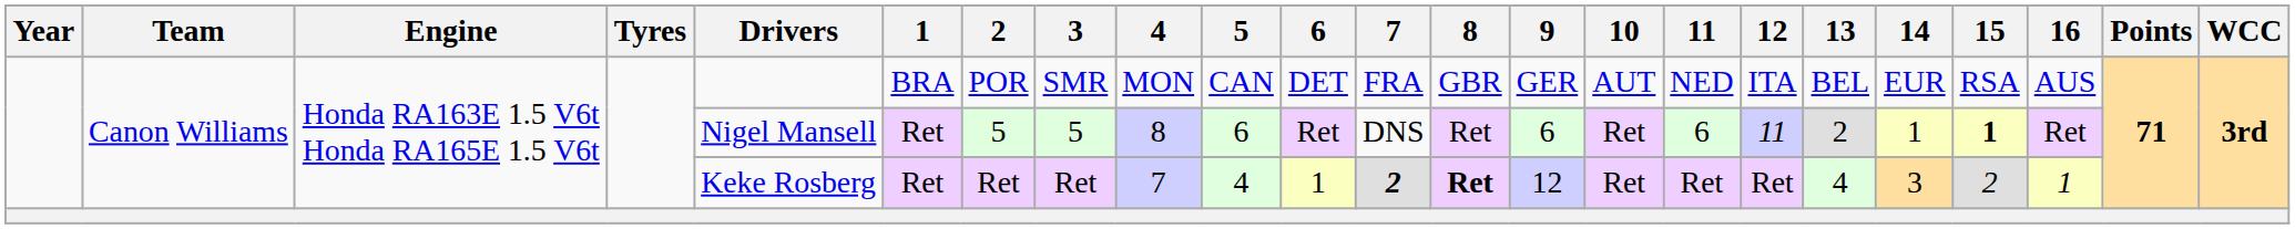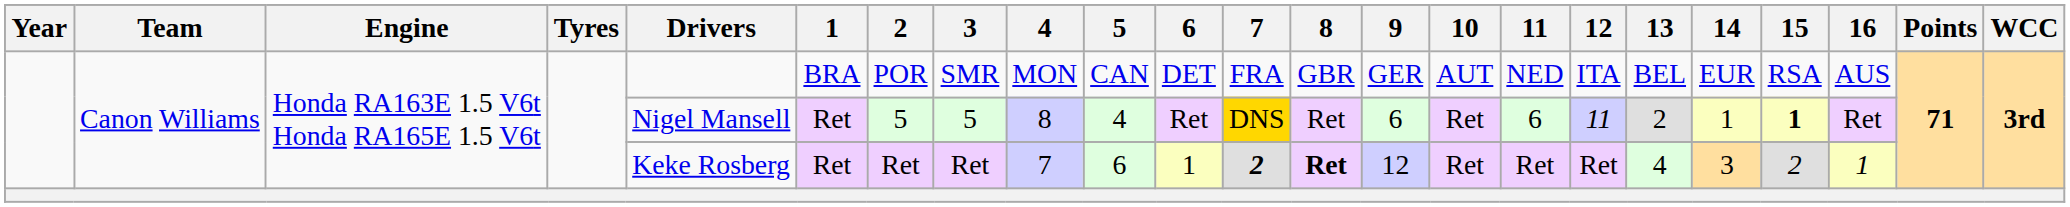 <table class="wikitable" style="text-align:center; font-size:90%">
 <tr>
 <th>Year</th>
 <th>Team</th>
 <th>Engine</th>
 <th>Tyres</th>
 <th>Drivers</th>
 <th>1</th>
 <th>2</th>
 <th>3</th>
 <th>4</th>
 <th>5</th>
 <th>6</th>
 <th>7</th>
 <th>8</th>
 <th>9</th>
 <th>10</th>
 <th>11</th>
 <th>12</th>
 <th>13</th>
 <th>14</th>
 <th>15</th>
 <th>16</th>
 <th>Points</th>
 <th>WCC</th>
 </tr>
 <tr>
 <td rowspan="3"></td>
 <td rowspan="3"><a href='#'>Canon</a> <a href='#'>Williams</a></td>
 <td rowspan="3"><a href='#'>Honda</a> <a href='#'>RA163E</a> 1.5 <a href='#'>V6</a><a href='#'>t</a><br><a href='#'>Honda</a> <a href='#'>RA165E</a> 1.5 <a href='#'>V6</a><a href='#'>t</a></td>
 <td rowspan="3"></td>
 <td></td>
 <td><a href='#'>BRA</a></td>
 <td><a href='#'>POR</a></td>
 <td><a href='#'>SMR</a></td>
 <td><a href='#'>MON</a></td>
 <td><a href='#'>CAN</a></td>
 <td><a href='#'>DET</a></td>
 <td><a href='#'>FRA</a></td>
 <td><a href='#'>GBR</a></td>
 <td><a href='#'>GER</a></td>
 <td><a href='#'>AUT</a></td>
 <td><a href='#'>NED</a></td>
 <td><a href='#'>ITA</a></td>
 <td><a href='#'>BEL</a></td>
 <td><a href='#'>EUR</a></td>
 <td><a href='#'>RSA</a></td>
 <td><a href='#'>AUS</a></td>
 <td rowspan="3" style="background:#ffdf9f;"><strong>71</strong></td>
 <td rowspan="3" style="background:#ffdf9f;"><strong>3rd</strong></td>
 </tr>
 <tr>
 <td align="left"><a href='#'>Nigel Mansell</a></td>
 <td style="background:#efcfff;">Ret</td>
 <td style="background:#dfffdf;">5</td>
 <td style="background:#dfffdf;">5</td>
 <td style="background:#cfcfff;">8</td>
-<td style="background:#dfffdf;">6</td>
+<td style="background:#dfffdf;">4</td>
 <td style="background:#efcfff;">Ret</td>
-<td>DNS</td>
+<td style="background: gold;">DNS</td>
 <td style="background:#efcfff;">Ret</td>
 <td style="background:#dfffdf;">6</td>
 <td style="background:#efcfff;">Ret</td>
 <td style="background:#dfffdf;">6</td>
 <td style="background:#cfcfff;"><em>11</em></td>
 <td style="background:#dfdfdf;">2</td>
 <td style="background:#fbffbf;">1</td>
 <td style="background:#fbffbf;"><strong>1</strong></td>
 <td style="background:#efcfff;">Ret</td>
 </tr>
 <tr>
 <td align="left"><a href='#'>Keke Rosberg</a></td>
 <td style="background:#efcfff;">Ret</td>
 <td style="background:#efcfff;">Ret</td>
 <td style="background:#efcfff;">Ret</td>
 <td style="background:#cfcfff;">7</td>
-<td style="background:#dfffdf;">4</td>
+<td style="background:#dfffdf;">6</td>
 <td style="background:#fbffbf;">1</td>
 <td style="background:#dfdfdf;"><strong><em>2</em></strong></td>
 <td style="background:#efcfff;"><strong>Ret</strong></td>
 <td style="background:#cfcfff;">12</td>
 <td style="background:#efcfff;">Ret</td>
 <td style="background:#efcfff;">Ret</td>
 <td style="background:#efcfff;">Ret</td>
 <td style="background:#dfffdf;">4</td>
 <td style="background:#ffdf9f;">3</td>
 <td style="background:#dfdfdf;"><em>2</em></td>
 <td style="background:#fbffbf;"><em>1</em></td>
 </tr>
 <tr>
 <th colspan="23"></th>
 </tr>
 </table>
